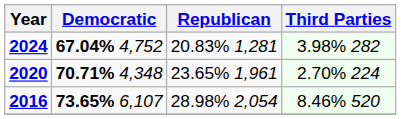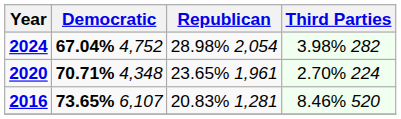 <table class="wikitable" style="float:right; font-size:95%;">
 <tr bgcolor=lightgrey>
 <th>Year</th>
 <th><a href='#'>Democratic</a></th>
 <th><a href='#'>Republican</a></th>
 <th><a href='#'>Third Parties</a></th>
 </tr>
 <tr>
 <td style="text-align:center; "><strong><a href='#'>2024</a></strong></td>
 <td style="text-align:center; "><strong>67.04%</strong> <em>4,752</em></td>
-<td style="text-align:center; ">20.83% <em>1,281</em></td>
+<td style="text-align:center; ">28.98% <em>2,054</em></td>
 <td style="text-align:center; background:honeyDew;">3.98% <em>282</em></td>
 </tr>
 <tr>
 <td style="text-align:center; "><strong><a href='#'>2020</a></strong></td>
 <td style="text-align:center; "><strong>70.71%</strong> <em>4,348</em></td>
 <td style="text-align:center; ">23.65% <em>1,961</em></td>
 <td style="text-align:center; background:honeyDew;">2.70% <em>224</em></td>
 </tr>
 <tr>
 <td style="text-align:center; "><strong><a href='#'>2016</a></strong></td>
 <td style="text-align:center; "><strong>73.65%</strong> <em>6,107</em></td>
-<td style="text-align:center; ">28.98% <em>2,054</em></td>
+<td style="text-align:center; ">20.83% <em>1,281</em></td>
 <td style="text-align:center; background:honeyDew;">8.46% <em>520</em></td>
 </tr>
 <tr>
 </tr>
 </table>
